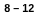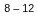 <table style="text-align:center">
 <tr>
 <th width=200></th>
 <th width=100></th>
 <th width=200></th>
 </tr>
 <tr>
 <td align=right></td>
-<td><strong>8 – 12</strong></td>
+<td>8 – 12</td>
 <td align=left><strong></strong></td>
 </tr>
 </table>
